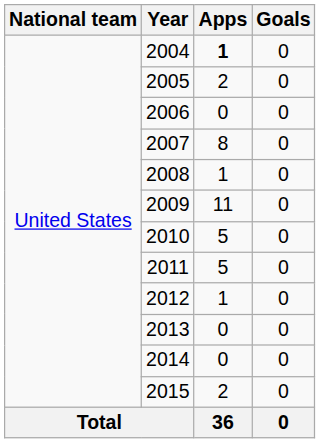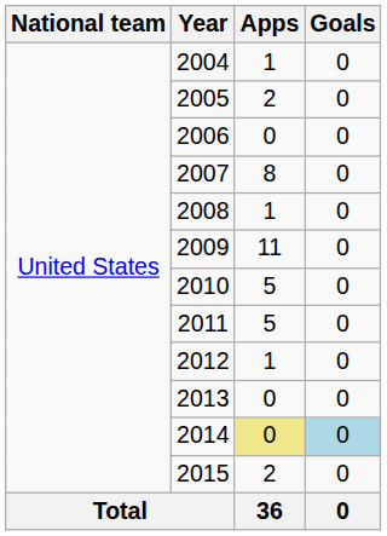 <table class=wikitable style="text-align: center;">
 <tr>
 <th>National team</th>
 <th>Year</th>
 <th>Apps</th>
 <th>Goals</th>
 </tr>
 <tr>
 <td rowspan="12"><a href='#'>United States</a></td>
 <td>2004</td>
-<td><strong>1</strong></td>
+<td>1</td>
 <td>0</td>
 </tr>
 <tr>
 <td>2005</td>
 <td>2</td>
 <td>0</td>
 </tr>
 <tr>
 <td>2006</td>
 <td>0</td>
 <td>0</td>
 </tr>
 <tr>
 <td>2007</td>
 <td>8</td>
 <td>0</td>
 </tr>
 <tr>
 <td>2008</td>
 <td>1</td>
 <td>0</td>
 </tr>
 <tr>
 <td>2009</td>
 <td>11</td>
 <td>0</td>
 </tr>
 <tr>
 <td>2010</td>
 <td>5</td>
 <td>0</td>
 </tr>
 <tr>
 <td>2011</td>
 <td>5</td>
 <td>0</td>
 </tr>
 <tr>
 <td>2012</td>
 <td>1</td>
 <td>0</td>
 </tr>
 <tr>
 <td>2013</td>
 <td>0</td>
 <td>0</td>
 </tr>
 <tr>
 <td>2014</td>
-<td>0</td>
-<td>0</td>
+<td style="background: khaki;">0</td>
+<td style="background: lightblue;">0</td>
 </tr>
 <tr>
 <td>2015</td>
 <td>2</td>
 <td>0</td>
 </tr>
 <tr>
 <th colspan=2>Total</th>
 <th>36</th>
 <th>0</th>
 </tr>
 </table>
